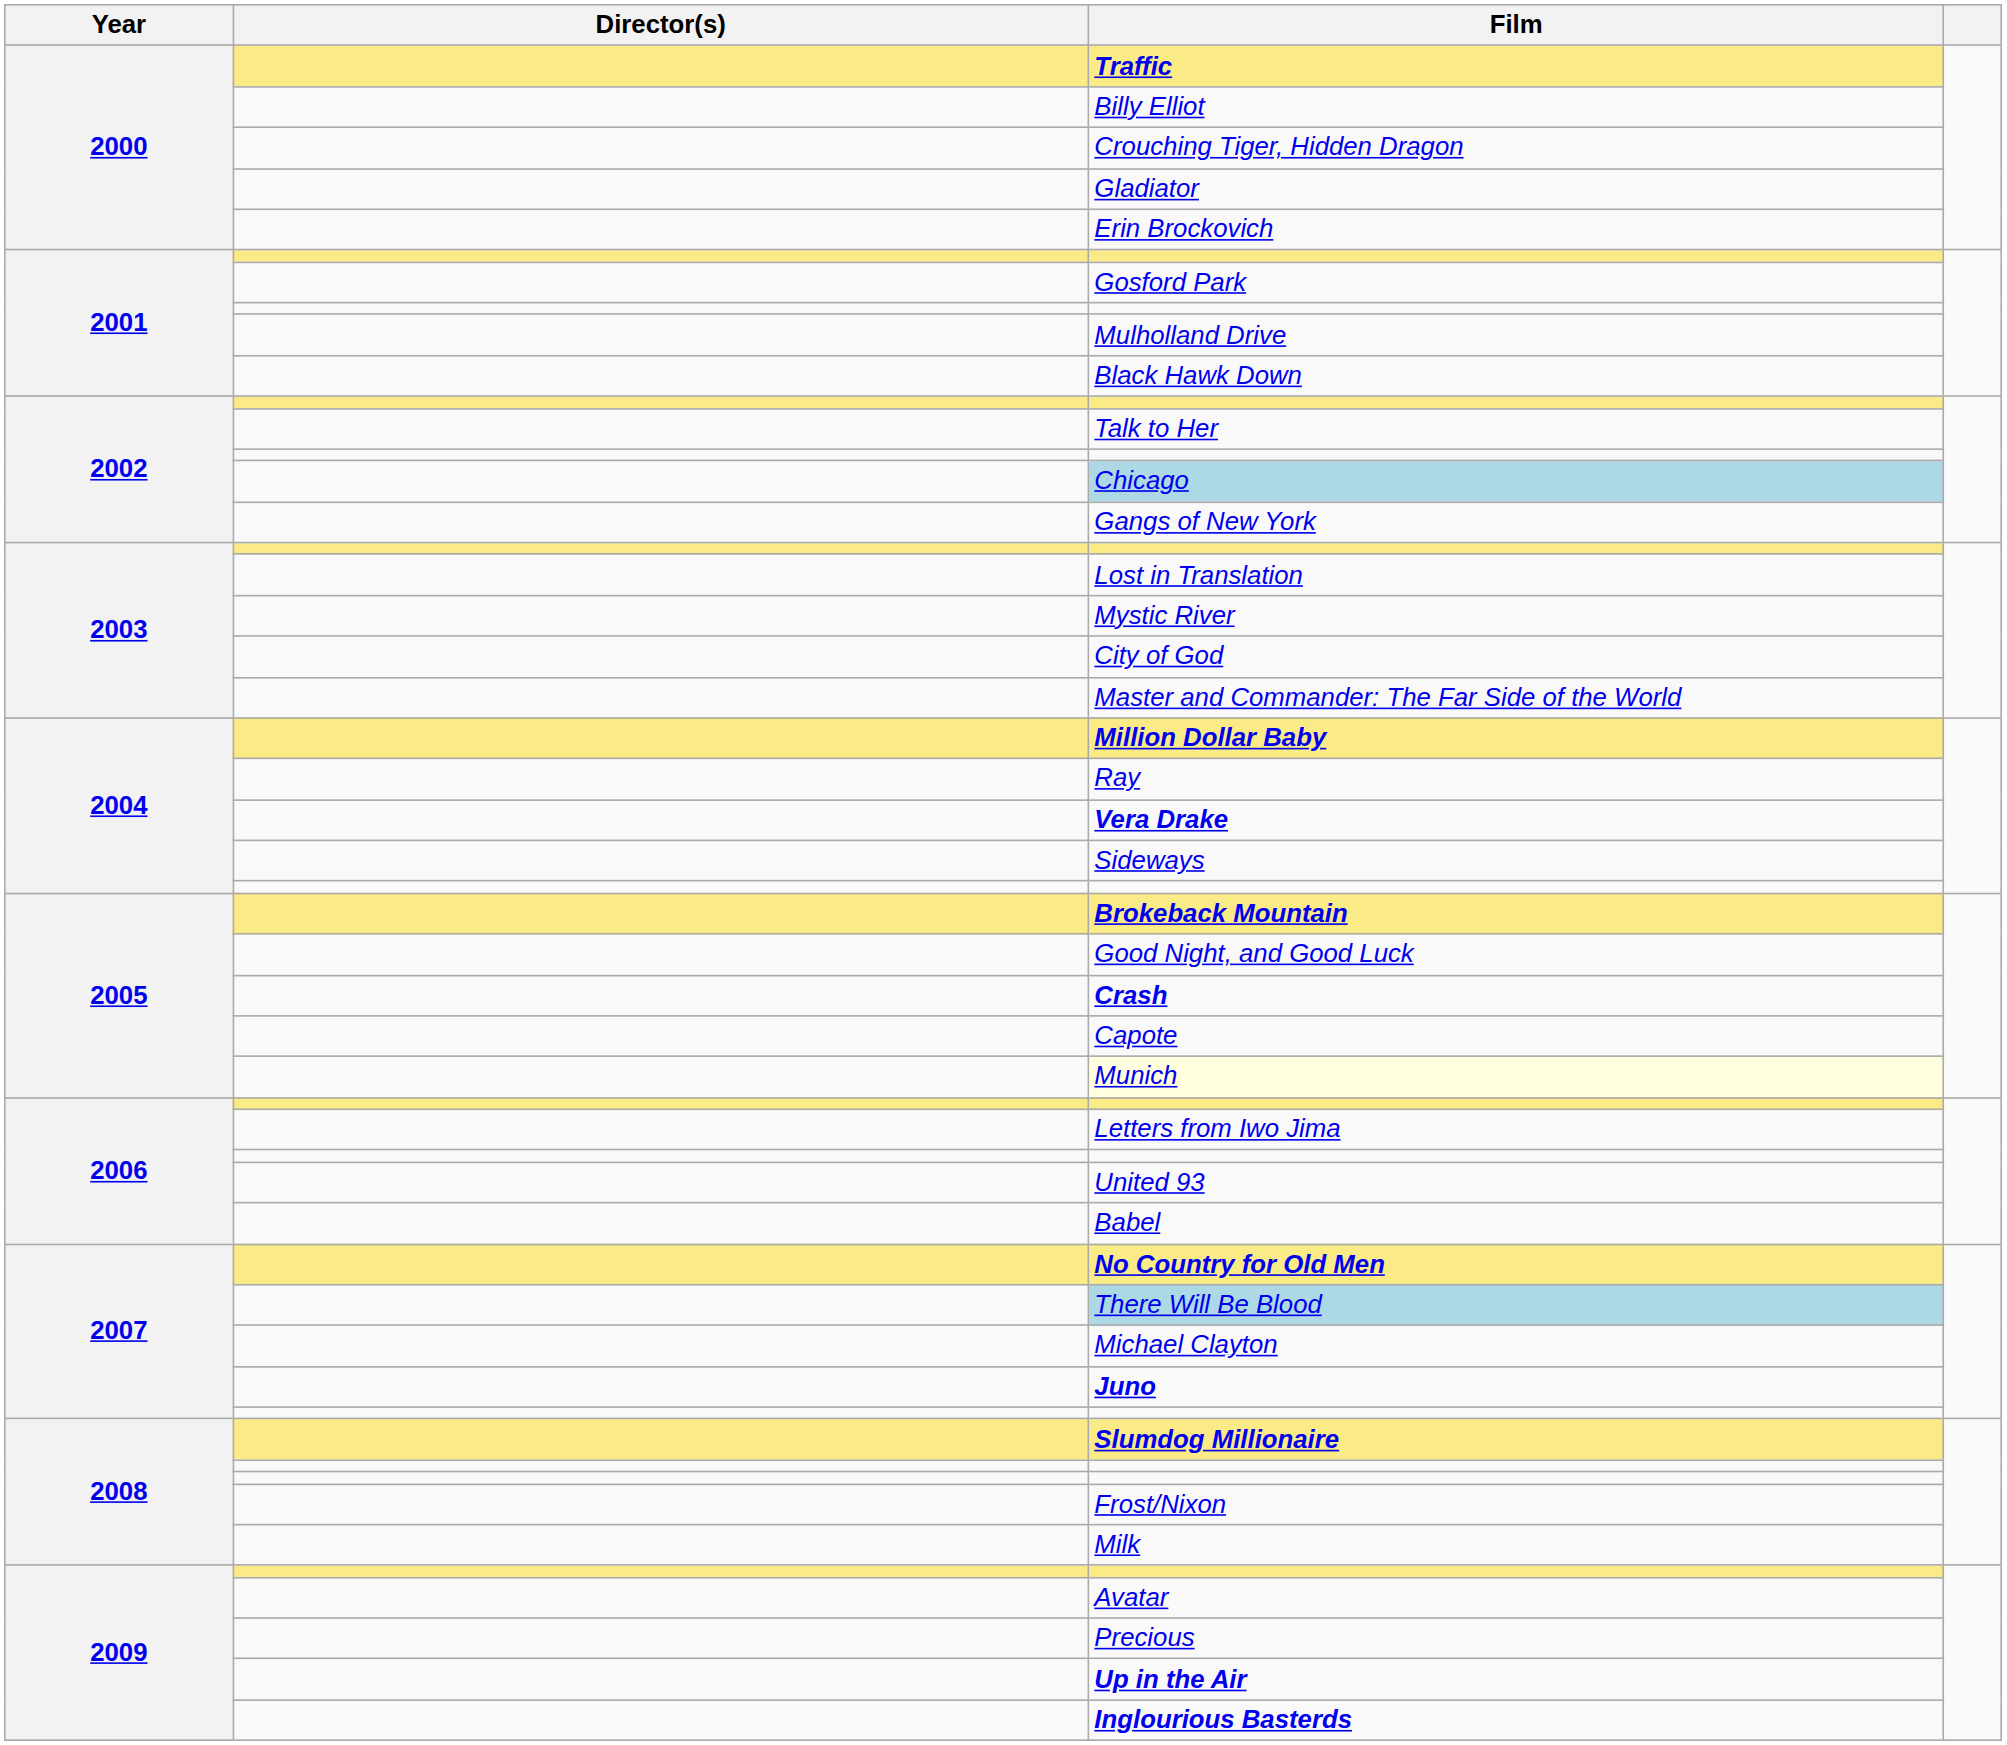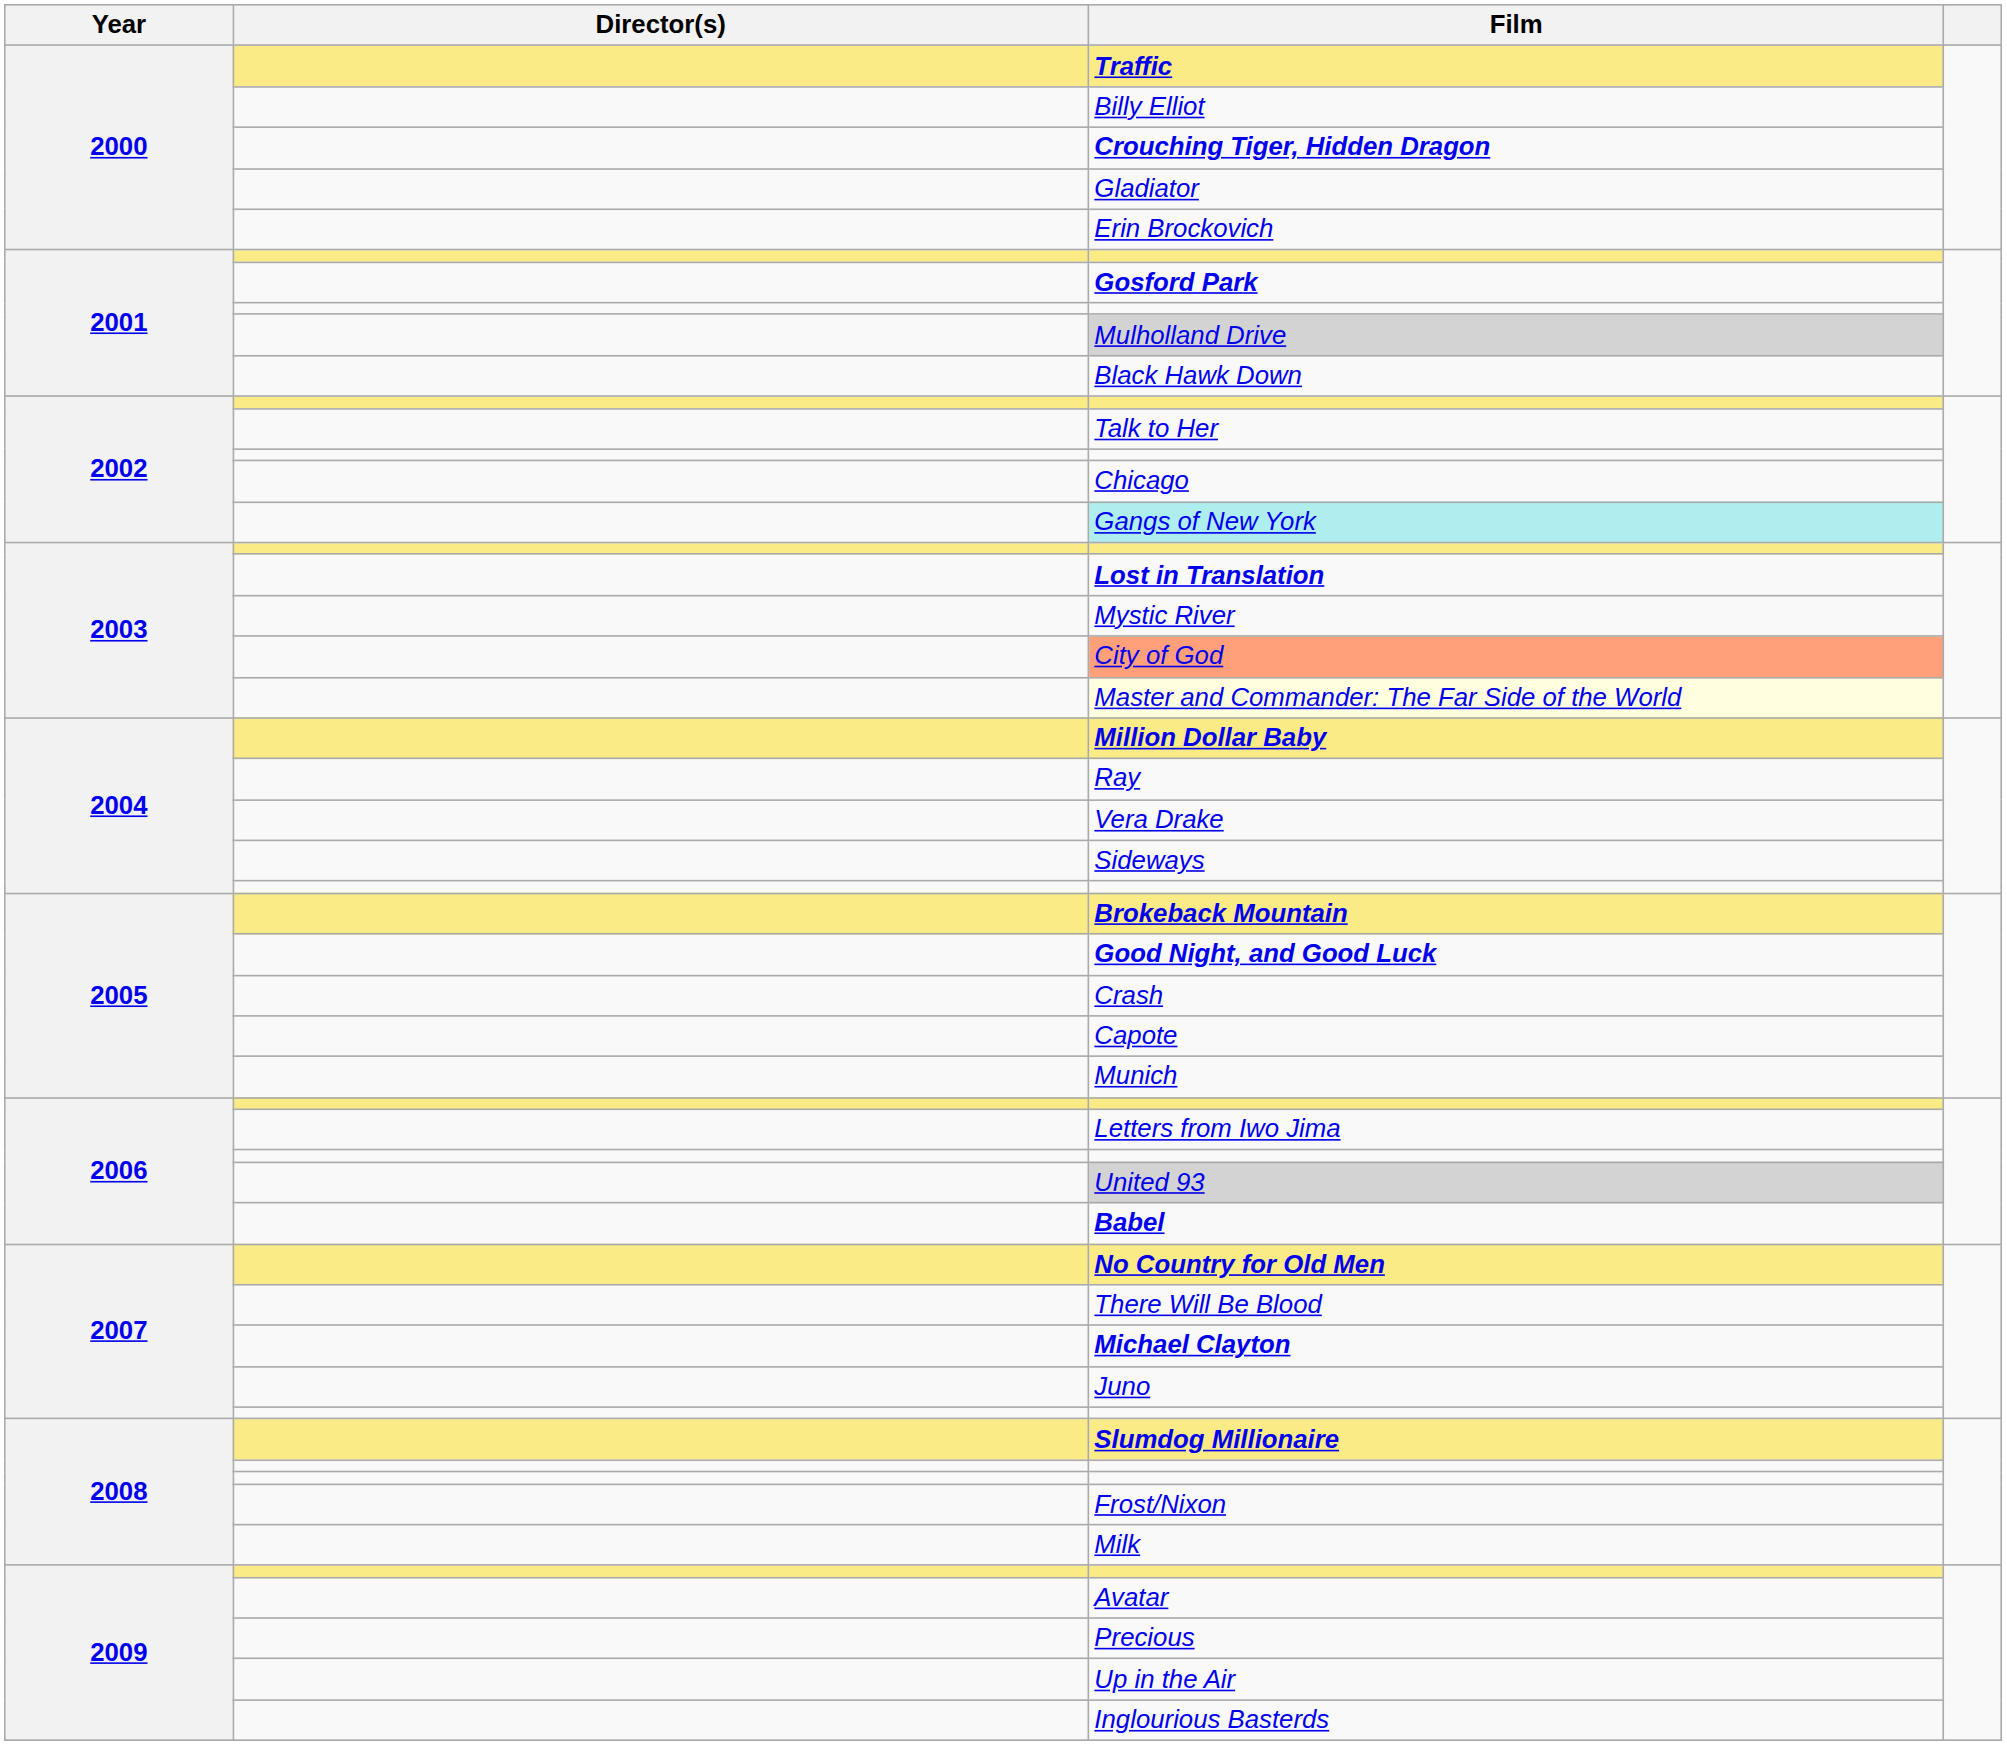 <table class="wikitable sortable">
 <tr>
 <th scope="col" style="width:8%;">Year</th>
 <th scope="col" style="width:30%;">Director(s)</th>
 <th scope="col" style="width:30%;">Film</th>
 <th scope="col" style="width:2%;"></th>
 </tr>
 <tr>
 <th scope="row" rowspan=5 style="text-align;center;"><a href='#'>2000</a><br></th>
 <td style="background:#FAEB86;"><strong></strong></td>
 <td style="background:#FAEB86;"><strong><em><a href='#'>Traffic</a></em></strong></td>
 <td rowspan="5"></td>
 </tr>
 <tr>
 <td></td>
 <td><em><a href='#'>Billy Elliot</a></em></td>
 </tr>
 <tr>
 <td></td>
-<td><em><a href='#'>Crouching Tiger, Hidden Dragon</a></em></td>
+<td><strong><em><a href='#'>Crouching Tiger, Hidden Dragon</a></em></strong></td>
 </tr>
 <tr>
 <td></td>
 <td><em><a href='#'>Gladiator</a></em></td>
 </tr>
 <tr>
 <td></td>
 <td><em><a href='#'>Erin Brockovich</a></em></td>
 </tr>
 <tr>
 <th scope="row" rowspan=5 style="text-align:center;"><a href='#'>2001</a><br></th>
 <td style="background:#FAEB86;"><strong></strong></td>
 <td style="background:#FAEB86;"><strong></strong></td>
 <td rowspan="5"></td>
 </tr>
 <tr>
 <td></td>
-<td><em><a href='#'>Gosford Park</a></em></td>
+<td><strong><em><a href='#'>Gosford Park</a></em></strong></td>
 </tr>
 <tr>
 <td></td>
 <td></td>
 </tr>
 <tr>
 <td></td>
-<td><em><a href='#'>Mulholland Drive</a></em></td>
+<td style="background: lightgrey;"><em><a href='#'>Mulholland Drive</a></em></td>
 </tr>
 <tr>
 <td></td>
 <td><em><a href='#'>Black Hawk Down</a></em></td>
 </tr>
 <tr>
 <th scope="row" rowspan=5 style="text-align:center;"><a href='#'>2002</a><br></th>
 <td style="background:#FAEB86;"><strong></strong></td>
 <td style="background:#FAEB86;"><strong></strong></td>
 <td rowspan="5"></td>
 </tr>
 <tr>
 <td></td>
 <td><em><a href='#'>Talk to Her</a></em></td>
 </tr>
 <tr>
 <td></td>
 <td></td>
 </tr>
 <tr>
 <td></td>
-<td style="background: lightblue;"><em><a href='#'>Chicago</a></em></td>
+<td><em><a href='#'>Chicago</a></em></td>
 </tr>
 <tr>
 <td></td>
-<td><em><a href='#'>Gangs of New York</a></em></td>
+<td style="background: paleturquoise;"><em><a href='#'>Gangs of New York</a></em></td>
 </tr>
 <tr>
 <th scope="row" rowspan=5 style="text-align:center;"><a href='#'>2003</a><br></th>
 <td style="background:#FAEB86;"><strong></strong></td>
 <td style="background:#FAEB86;"><strong></strong></td>
 <td rowspan="5"></td>
 </tr>
 <tr>
 <td></td>
-<td><em><a href='#'>Lost in Translation</a></em></td>
+<td><strong><em><a href='#'>Lost in Translation</a></em></strong></td>
 </tr>
 <tr>
 <td></td>
 <td><em><a href='#'>Mystic River</a></em></td>
 </tr>
 <tr>
 <td></td>
-<td><em><a href='#'>City of God</a></em></td>
+<td style="background: lightsalmon;"><em><a href='#'>City of God</a></em></td>
 </tr>
 <tr>
 <td></td>
-<td><em><a href='#'>Master and Commander: The Far Side of the World</a></em></td>
+<td style="background: lightyellow;"><em><a href='#'>Master and Commander: The Far Side of the World</a></em></td>
 </tr>
 <tr>
 <th scope="row" rowspan=5 style="text-align:center;"><a href='#'>2004</a><br></th>
 <td style="background:#FAEB86;"><strong></strong></td>
 <td style="background:#FAEB86;"><strong><em><a href='#'>Million Dollar Baby</a></em></strong></td>
 <td rowspan="5"></td>
 </tr>
 <tr>
 <td></td>
 <td><em><a href='#'>Ray</a></em></td>
 </tr>
 <tr>
 <td></td>
-<td><strong><em><a href='#'>Vera Drake</a></em></strong></td>
+<td><em><a href='#'>Vera Drake</a></em></td>
 </tr>
 <tr>
 <td></td>
 <td><em><a href='#'>Sideways</a></em></td>
 </tr>
 <tr>
 <td></td>
 <td></td>
 </tr>
 <tr>
 <th scope="row" rowspan=5 style="text-align:center;"><a href='#'>2005</a><br></th>
 <td style="background:#FAEB86;"><strong></strong></td>
 <td style="background:#FAEB86;"><strong><em><a href='#'>Brokeback Mountain</a></em></strong></td>
 <td rowspan="5"></td>
 </tr>
 <tr>
 <td></td>
-<td><em><a href='#'>Good Night, and Good Luck</a></em></td>
+<td><strong><em><a href='#'>Good Night, and Good Luck</a></em></strong></td>
 </tr>
 <tr>
 <td></td>
-<td><strong><em><a href='#'>Crash</a></em></strong></td>
+<td><em><a href='#'>Crash</a></em></td>
 </tr>
 <tr>
 <td></td>
 <td><em><a href='#'>Capote</a></em></td>
 </tr>
 <tr>
 <td></td>
-<td style="background: lightyellow;"><em><a href='#'>Munich</a></em></td>
+<td><em><a href='#'>Munich</a></em></td>
 </tr>
 <tr>
 <th scope="row" rowspan=5 style="text-align:center;"><a href='#'>2006</a><br></th>
 <td style="background:#FAEB86;"><strong></strong></td>
 <td style="background:#FAEB86;"><strong></strong></td>
 <td rowspan="5"></td>
 </tr>
 <tr>
 <td></td>
 <td><em><a href='#'>Letters from Iwo Jima</a></em></td>
 </tr>
 <tr>
 <td></td>
 <td></td>
 </tr>
 <tr>
 <td></td>
-<td><em><a href='#'>United 93</a></em></td>
+<td style="background: lightgrey;"><em><a href='#'>United 93</a></em></td>
 </tr>
 <tr>
 <td></td>
-<td><em><a href='#'>Babel</a></em></td>
+<td><strong><em><a href='#'>Babel</a></em></strong></td>
 </tr>
 <tr>
 <th scope="row" rowspan=5 style="text-align:center;"><a href='#'>2007</a><br></th>
 <td style="background:#FAEB86;"><strong></strong></td>
 <td style="background:#FAEB86;"><strong><em><a href='#'>No Country for Old Men</a></em></strong></td>
 <td rowspan="5"></td>
 </tr>
 <tr>
 <td></td>
-<td style="background: lightblue;"><em><a href='#'>There Will Be Blood</a></em></td>
+<td><em><a href='#'>There Will Be Blood</a></em></td>
 </tr>
 <tr>
 <td></td>
-<td><em><a href='#'>Michael Clayton</a></em></td>
+<td><strong><em><a href='#'>Michael Clayton</a></em></strong></td>
 </tr>
 <tr>
 <td></td>
-<td><strong><em><a href='#'>Juno</a></em></strong></td>
+<td><em><a href='#'>Juno</a></em></td>
 </tr>
 <tr>
 <td></td>
 <td></td>
 </tr>
 <tr>
 <th scope="row" rowspan=5 style="text-align:center;"><a href='#'>2008</a><br></th>
 <td style="background:#FAEB86;"><strong></strong></td>
 <td style="background:#FAEB86;"><strong><em><a href='#'>Slumdog Millionaire</a></em></strong></td>
 <td rowspan="5"></td>
 </tr>
 <tr>
 <td></td>
 <td></td>
 </tr>
 <tr>
 <td></td>
 <td></td>
 </tr>
 <tr>
 <td></td>
 <td><em><a href='#'>Frost/Nixon</a></em></td>
 </tr>
 <tr>
 <td></td>
 <td><em><a href='#'>Milk</a></em></td>
 </tr>
 <tr>
 <th scope="row" rowspan=5 style="text-align:center;"><a href='#'>2009</a><br></th>
 <td style="background:#FAEB86;"><strong></strong></td>
 <td style="background:#FAEB86;"><strong></strong></td>
 <td rowspan="5"></td>
 </tr>
 <tr>
 <td></td>
 <td><em><a href='#'>Avatar</a></em></td>
 </tr>
 <tr>
 <td></td>
 <td><em><a href='#'>Precious</a></em></td>
 </tr>
 <tr>
 <td></td>
-<td><strong><em><a href='#'>Up in the Air</a></em></strong></td>
+<td><em><a href='#'>Up in the Air</a></em></td>
 </tr>
 <tr>
 <td></td>
-<td><strong><em><a href='#'>Inglourious Basterds</a></em></strong></td>
+<td><em><a href='#'>Inglourious Basterds</a></em></td>
 </tr>
 <tr>
 </tr>
 </table>
